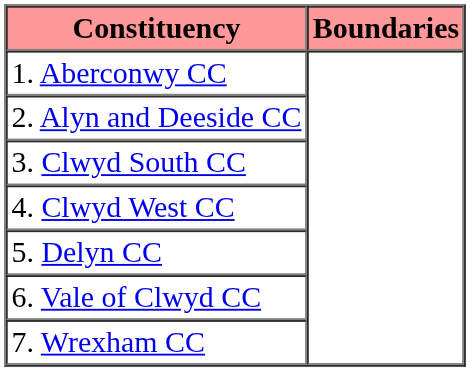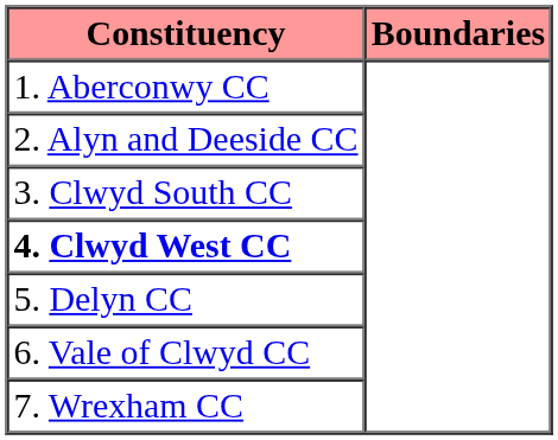 <table border=1 cellpadding="2" cellspacing="0">
 <tr>
 <th bgcolor="#ff9999">Constituency</th>
 <th bgcolor="#ff9999">Boundaries</th>
 </tr>
 <tr>
 <td>1. <a href='#'>Aberconwy CC</a></td>
 <td rowspan=7></td>
 </tr>
 <tr>
 <td>2. <a href='#'>Alyn and Deeside CC</a></td>
 </tr>
 <tr>
 <td>3. <a href='#'>Clwyd South CC</a></td>
 </tr>
 <tr>
-<td>4. <a href='#'>Clwyd West CC</a></td>
+<td><strong>4. <a href='#'>Clwyd West CC</a></strong></td>
 </tr>
 <tr>
 <td>5. <a href='#'>Delyn CC</a></td>
 </tr>
 <tr>
 <td>6. <a href='#'>Vale of Clwyd CC</a></td>
 </tr>
 <tr>
 <td>7. <a href='#'>Wrexham CC</a></td>
 </tr>
 </table>
